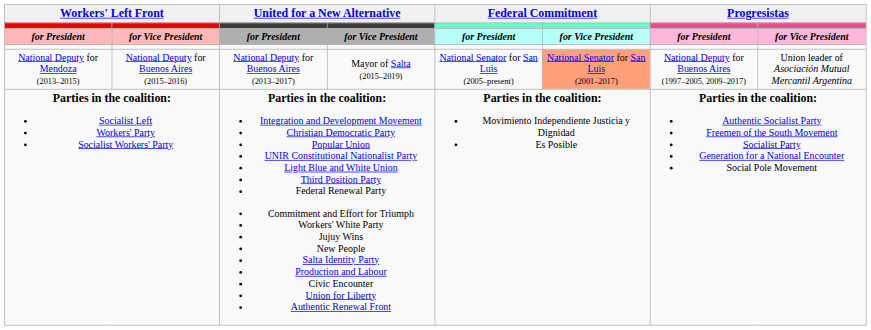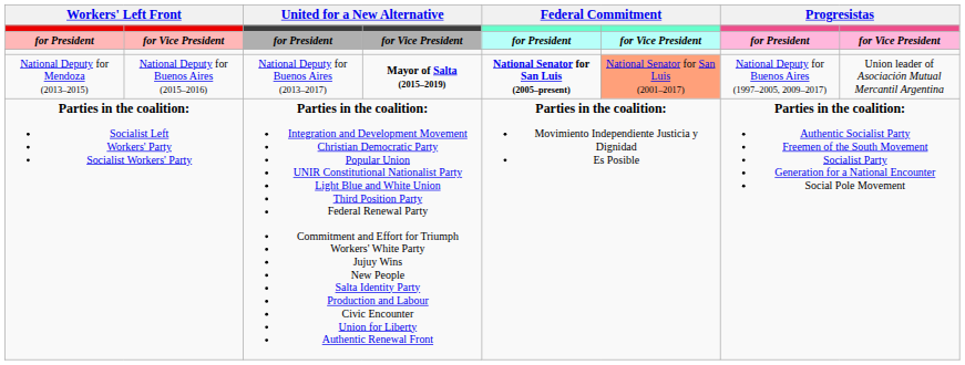 <table class="wikitable" style="font-size:90%; text-align:center;">
 <tr>
 <td style="background:#f1f1f1;" colspan=2><big><strong><a href='#'>Workers' Left Front</a></strong></big></td>
 <td style="background:#f1f1f1;" colspan=2><big><strong><a href='#'>United for a New Alternative</a></strong></big></td>
 <td style="background:#f1f1f1;" colspan=2><big><strong><a href='#'>Federal Commitment</a></strong></big></td>
 <td style="background:#f1f1f1;" colspan=2><big><strong><a href='#'>Progresistas</a></strong></big></td>
 </tr>
 <tr>
 <th style="width:160px; font-size:120%; background:#EB0000;"><a href='#'></a></th>
 <th style="width:160px; font-size:120%; background:#EB0000;"><a href='#'></a></th>
 <th style="width:160px; font-size:120%; background:#3C3C3C;"><a href='#'></a></th>
 <th style="width:160px; font-size:120%; background:#3C3C3C;"><a href='#'></a></th>
 <th style="width:160px; font-size:120%; background:#66FFCC;"><a href='#'></a></th>
 <th style="width:160px; font-size:120%; background:#66FFCC;"><a href='#'></a></th>
 <th style="width:160px; font-size:120%; background:#EE4D8B;"><a href='#'></a></th>
 <th style="width:160px; font-size:120%; background:#EE4D8B;"><a href='#'></a></th>
 </tr>
 <tr style="color:#000; font-size:100%">
 <td bgcolor=#ffb7b7><strong><em>for President</em></strong></td>
 <td bgcolor=#ffb7b7><strong><em>for Vice President</em></strong></td>
 <td bgcolor=#afafaf><strong><em>for President</em></strong></td>
 <td bgcolor=#afafaf><strong><em>for Vice President</em></strong></td>
 <td bgcolor=#b7fff9><strong><em>for President</em></strong></td>
 <td bgcolor=#b7fff9><strong><em>for Vice President</em></strong></td>
 <td bgcolor=#ffb7dc><strong><em>for President</em></strong></td>
 <td bgcolor=#ffb7dc><strong><em>for Vice President</em></strong></td>
 </tr>
 <tr>
 <td></td>
 <td></td>
 <td></td>
 <td></td>
 <td></td>
 <td></td>
 <td></td>
 <td></td>
 </tr>
 <tr>
 <td><a href='#'>National Deputy</a> for <a href='#'>Mendoza</a><br><small>(2013–2015)</small></td>
 <td><a href='#'>National Deputy</a> for <a href='#'>Buenos Aires</a><br><small>(2015–2016)</small></td>
 <td><a href='#'>National Deputy</a> for <a href='#'>Buenos Aires</a><br><small>(2013–2017)</small></td>
-<td>Mayor of <a href='#'>Salta</a> <br><small>(2015–2019)</small></td>
-<td><a href='#'>National Senator</a> for <a href='#'>San Luis</a> <br><small>(2005–present)</small></td>
+<td><strong>Mayor of <a href='#'>Salta</a> <br><small>(2015–2019)</small></strong></td>
+<td><strong><a href='#'>National Senator</a> for <a href='#'>San Luis</a> <br><small>(2005–present)</small></strong></td>
 <td style="background: lightsalmon;"><a href='#'>National Senator</a> for <a href='#'>San Luis</a> <br><small>(2001–2017)</small></td>
 <td><a href='#'>National Deputy</a> for <a href='#'>Buenos Aires</a><br><small>(1997–2005, 2009–2017)</small></td>
 <td>Union leader of <em>Asociación Mutual Mercantil Argentina</em></td>
 </tr>
 <tr style="vertical-align: top;">
 <td colspan=2 style="text-align:center;"><big><strong>Parties in the coalition:</strong></big><br><ul><li><a href='#'>Socialist Left</a></li><li><a href='#'>Workers' Party</a></li><li><a href='#'>Socialist Workers' Party</a></li></ul></td>
 <td colspan=2 style="text-align:center;"><big><strong>Parties in the coalition:</strong></big><br> <ul><li><a href='#'>Integration and Development Movement</a></li><li><a href='#'>Christian Democratic Party</a></li><li><a href='#'>Popular Union</a></li><li><a href='#'>UNIR Constitutional Nationalist Party</a></li><li><a href='#'>Light Blue and White Union</a></li><li><a href='#'>Third Position Party</a></li><li>Federal Renewal Party</li></ul><ul><li>Commitment and Effort for Triumph</li><li>Workers' White Party</li><li>Jujuy Wins</li><li>New People</li><li><a href='#'>Salta Identity Party</a></li><li><a href='#'>Production and Labour</a></li><li>Civic Encounter</li><li><a href='#'>Union for Liberty</a></li><li><a href='#'>Authentic Renewal Front</a></li></ul></td>
 <td colspan=2 style="text-align:center;"><big><strong>Parties in the coalition:</strong></big><br><ul><li>Movimiento Independiente Justicia y Dignidad</li><li>Es Posible</li></ul></td>
 <td colspan=2 style="text-align:center;"><big><strong>Parties in the coalition:</strong></big><br><ul><li><a href='#'>Authentic Socialist Party</a></li><li><a href='#'>Freemen of the South Movement</a></li><li><a href='#'>Socialist Party</a></li><li><a href='#'>Generation for a National Encounter</a></li><li>Social Pole Movement</li></ul></td>
 </tr>
 </table>
